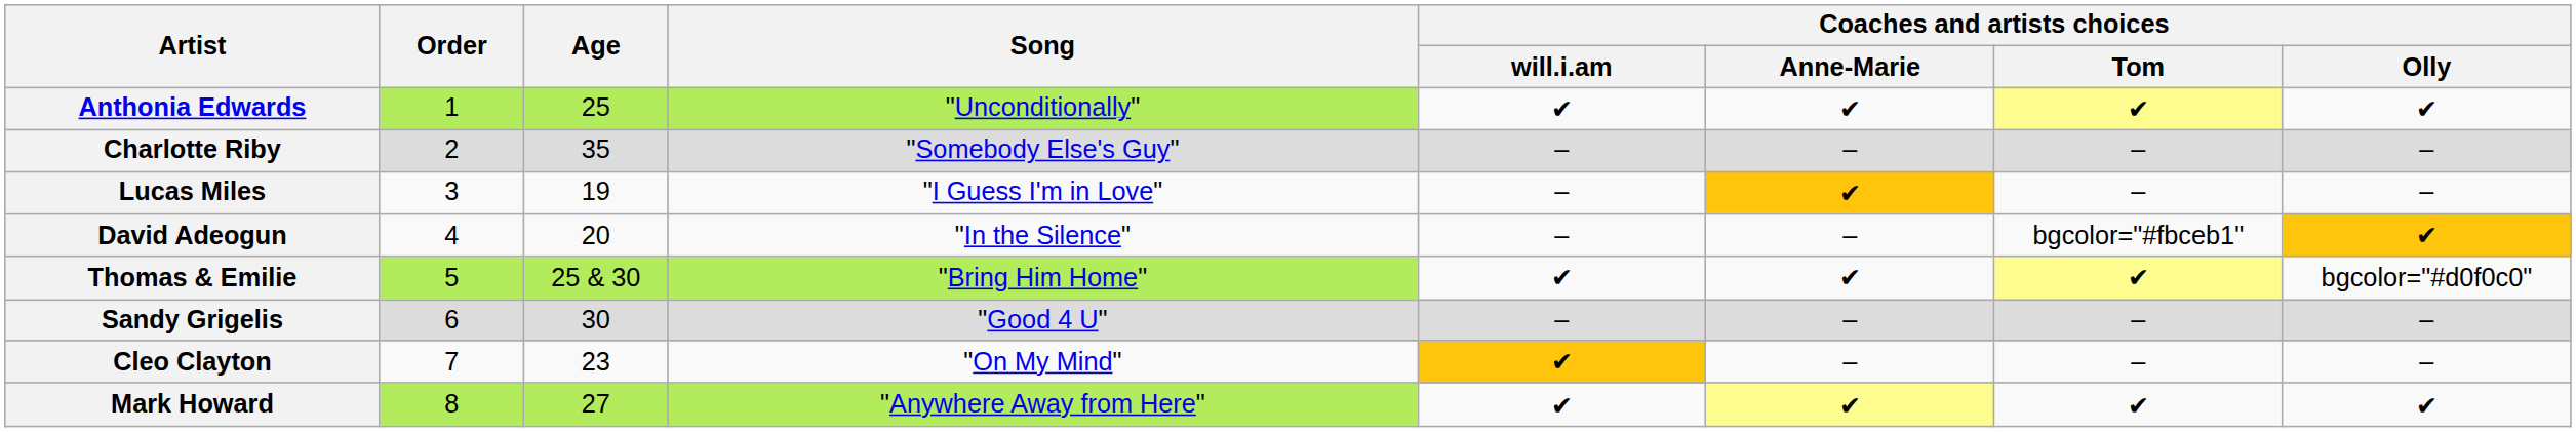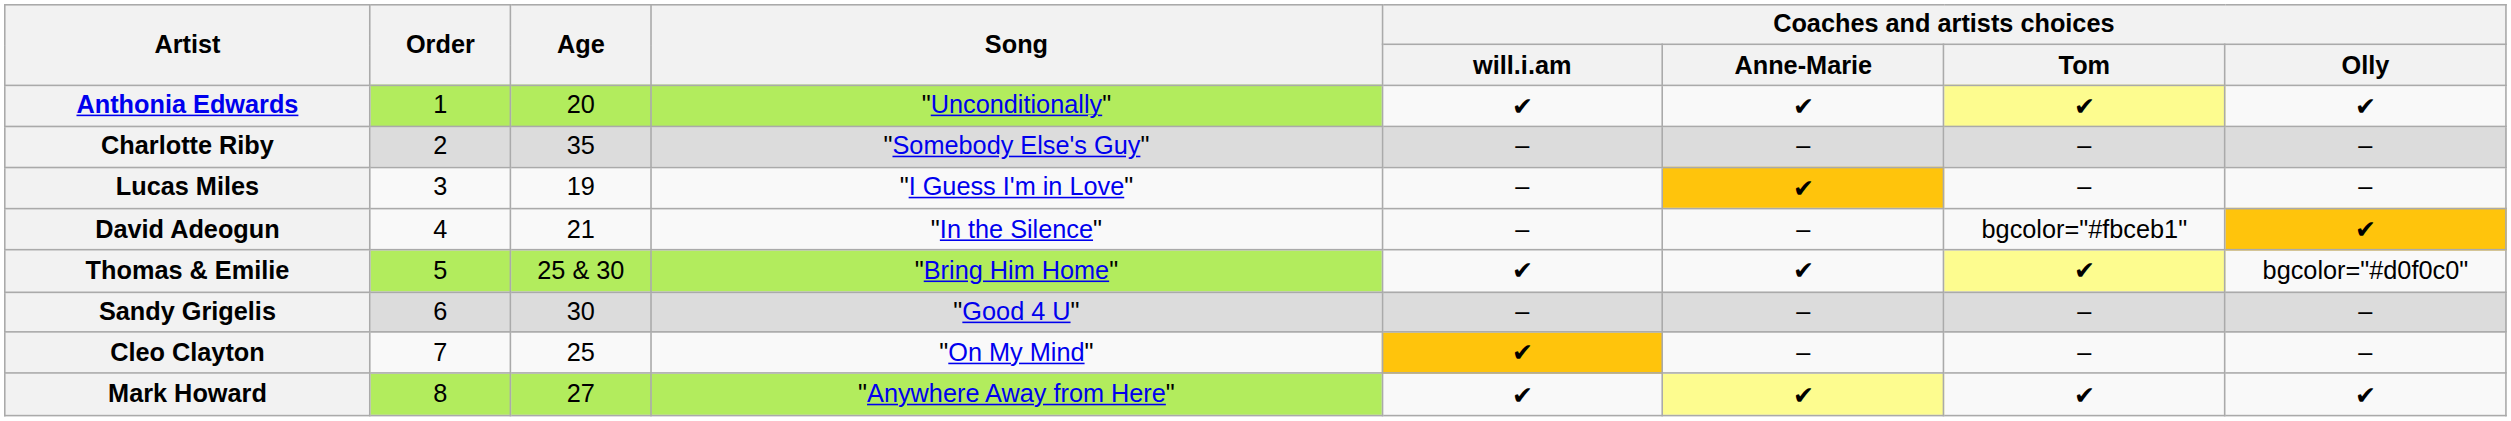 <table class="wikitable" style="text-align:center; width:100%">
 <tr>
 <th scope="col" rowspan="2" style="width:13%">Artist</th>
 <th scope="col" rowspan="2" style="width:05%">Order</th>
 <th scope="col" rowspan="2" style="width:05%">Age</th>
 <th scope="col" rowspan="2" style="width:26%">Song</th>
 <th scope="col" colspan="4" style="width:40%">Coaches and artists choices</th>
 </tr>
 <tr>
 <th style="width:10%">will.i.am</th>
 <th style="width:10%">Anne-Marie</th>
 <th style="width:10%">Tom</th>
 <th style="width:10%">Olly</th>
 </tr>
 <tr>
 <th scope="row"><a href='#'>Anthonia Edwards</a></th>
 <td style="background:#B2EC5D">1</td>
-<td style="background:#B2EC5D">25</td>
+<td style="background:#B2EC5D">20</td>
 <td style="background:#B2EC5D">"<a href='#'>Unconditionally</a>"</td>
 <td>✔</td>
 <td>✔</td>
 <td style="background:#fdfc8f">✔</td>
 <td>✔</td>
 </tr>
 <tr style="background:#DCDCDC">
 <th scope="row">Charlotte Riby</th>
 <td>2</td>
 <td>35</td>
 <td>"<a href='#'>Somebody Else's Guy</a>"</td>
 <td>–</td>
 <td>–</td>
 <td>–</td>
 <td>–</td>
 </tr>
 <tr>
 <th scope="row">Lucas Miles</th>
 <td>3</td>
 <td>19</td>
 <td>"<a href='#'>I Guess I'm in Love</a>"</td>
 <td>–</td>
 <td style="background:#ffc40c">✔</td>
 <td>–</td>
 <td>–</td>
 </tr>
 <tr>
 <th scope="row">David Adeogun</th>
 <td>4</td>
-<td>20</td>
+<td>21</td>
 <td>"<a href='#'>In the Silence</a>"</td>
 <td>–</td>
 <td>–</td>
 <td>bgcolor="#fbceb1" </td>
 <td style="background:#ffc40c">✔</td>
 </tr>
 <tr>
 <th scope="row">Thomas & Emilie</th>
 <td style="background:#B2EC5D">5</td>
 <td style="background:#B2EC5D">25 & 30</td>
 <td style="background:#B2EC5D">"<a href='#'>Bring Him Home</a>"</td>
 <td>✔</td>
 <td>✔</td>
 <td style="background:#fdfc8f">✔</td>
 <td>bgcolor="#d0f0c0"</td>
 </tr>
 <tr style="background:#DCDCDC">
 <th scope="row">Sandy Grigelis</th>
 <td>6</td>
 <td>30</td>
 <td>"<a href='#'>Good 4 U</a>"</td>
 <td>–</td>
 <td>–</td>
 <td>–</td>
 <td>–</td>
 </tr>
 <tr>
 <th scope="row">Cleo Clayton</th>
 <td>7</td>
-<td>23</td>
+<td>25</td>
 <td>"<a href='#'>On My Mind</a>"</td>
 <td style="background:#ffc40c">✔</td>
 <td>–</td>
 <td>–</td>
 <td>–</td>
 </tr>
 <tr>
 <th scope="row">Mark Howard</th>
 <td style="background:#B2EC5D">8</td>
 <td style="background:#B2EC5D">27</td>
 <td style="background:#B2EC5D">"<a href='#'>Anywhere Away from Here</a>"</td>
 <td>✔</td>
 <td style="background:#fdfc8f">✔</td>
 <td>✔</td>
 <td>✔</td>
 </tr>
 </table>
